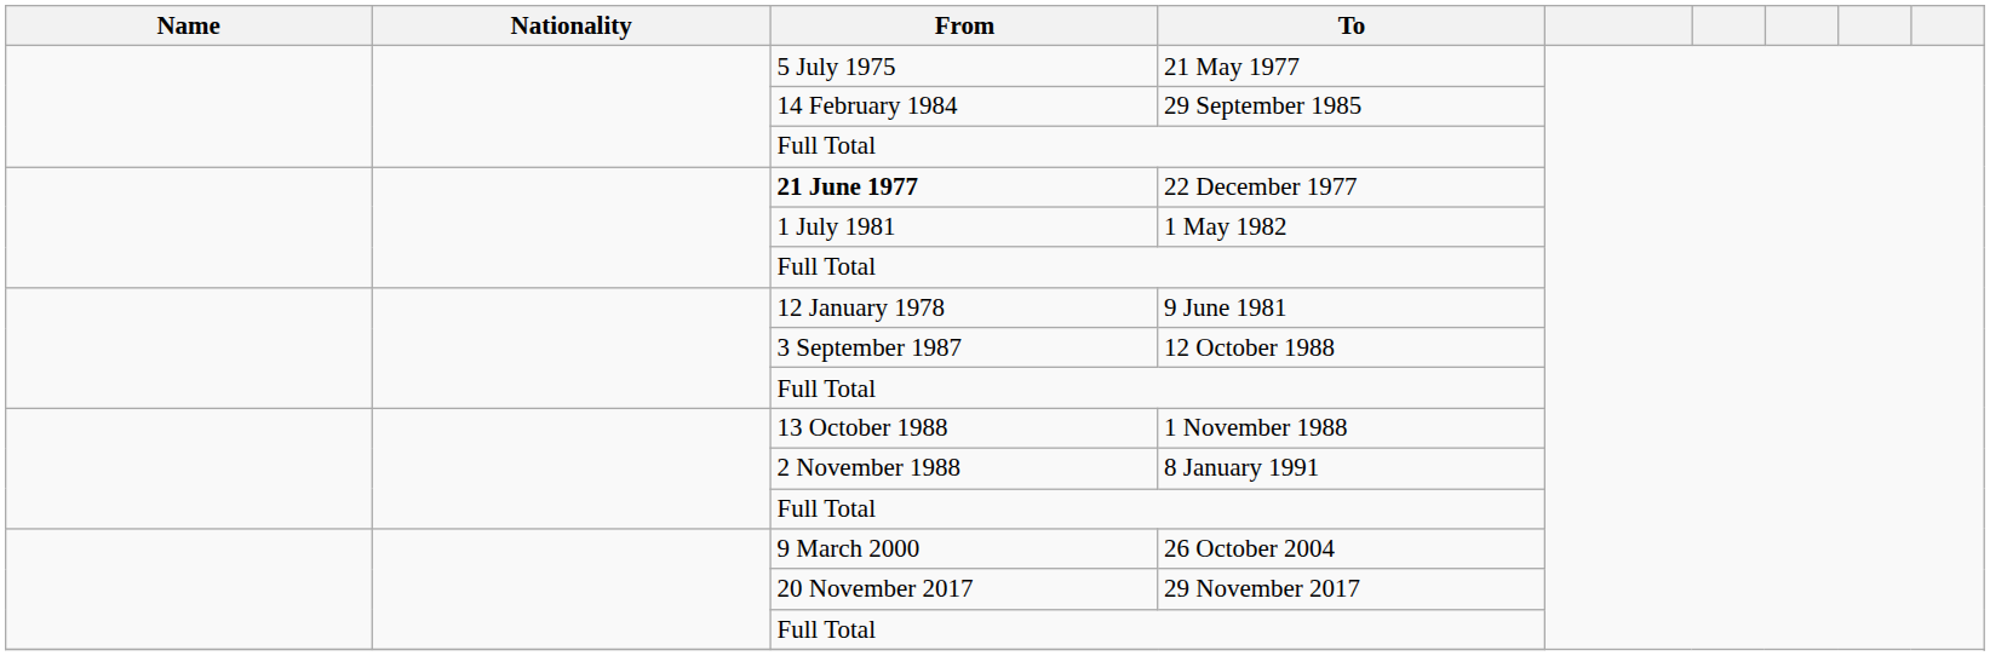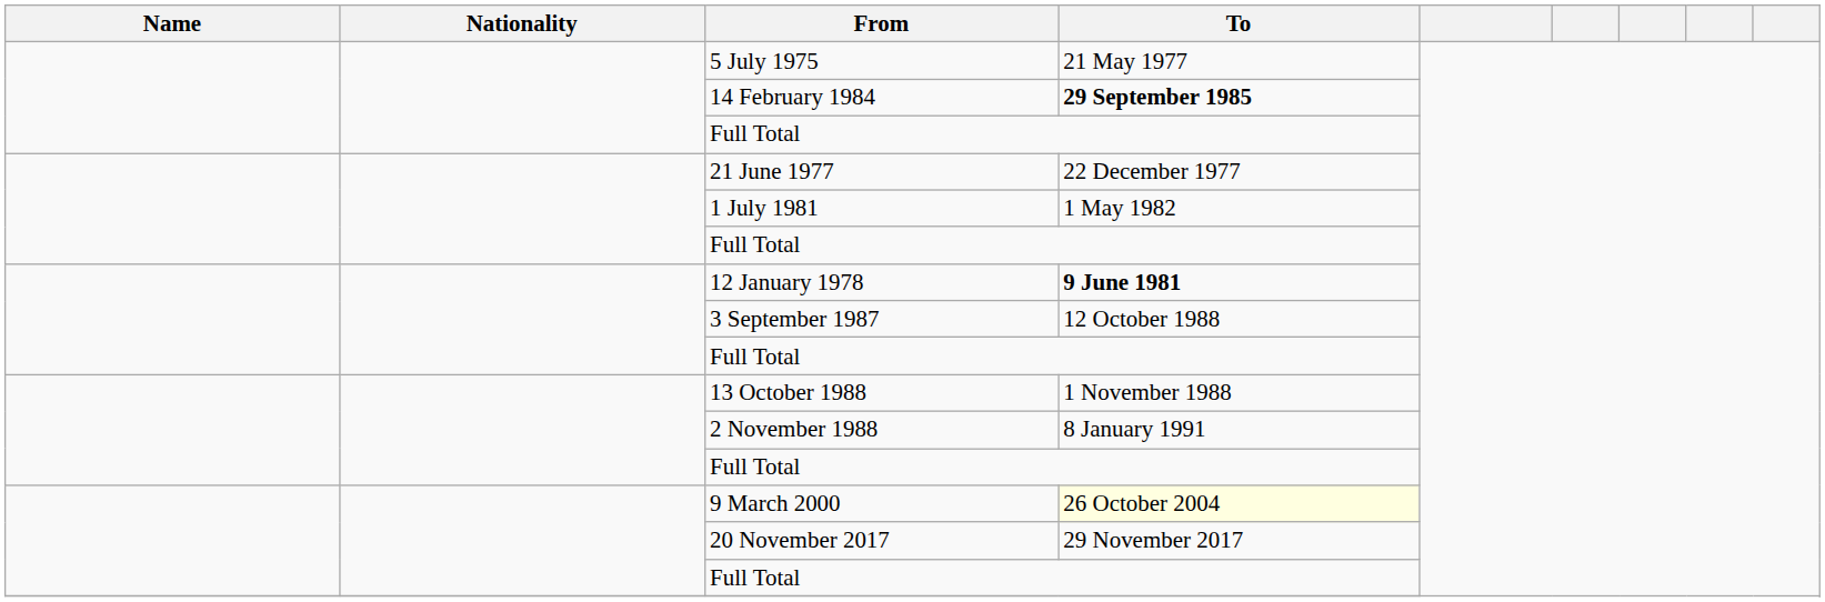 <table class="wikitable sortable" style="text-align: left">
 <tr bgcolor="#efefef">
 <th width="5%">Name</th>
 <th width="5%">Nationality</th>
 <th width="5%" data-sort-type="date">From</th>
 <th width="5%" data-sort-type="date">To</th>
 <th width="2%" data-sort-type="number"></th>
 <th width="1%" data-sort-type="number"></th>
 <th width="1%" data-sort-type="number"></th>
 <th width="1%" data-sort-type="number"></th>
 <th width="1%" data-sort-type="number"></th>
 </tr>
 <tr>
 <td rowspan=3 align=left></td>
 <td rowspan=3></td>
 <td align=left>5 July 1975</td>
 <td align=left>21 May 1977<br></td>
 </tr>
 <tr>
 <td align=left>14 February 1984</td>
-<td align=left>29 September 1985<br></td>
+<td align=left><strong>29 September 1985<br></strong></td>
 </tr>
 <tr>
 <td colspan=2>Full Total<br></td>
 </tr>
 <tr>
 <td rowspan=3 align=left></td>
 <td rowspan=3></td>
-<td align=left><strong>21 June 1977</strong></td>
+<td align=left>21 June 1977</td>
 <td align=left>22 December 1977<br></td>
 </tr>
 <tr>
 <td align=left>1 July 1981</td>
 <td align=left>1 May 1982<br></td>
 </tr>
 <tr>
 <td colspan=2>Full Total<br></td>
 </tr>
 <tr>
 <td rowspan=3 align=left></td>
 <td rowspan=3></td>
 <td align=left>12 January 1978</td>
-<td align=left>9 June 1981<br></td>
+<td align=left><strong>9 June 1981<br></strong></td>
 </tr>
 <tr>
 <td align=left>3 September 1987</td>
 <td align=left>12 October 1988<br></td>
 </tr>
 <tr>
 <td colspan=2>Full Total<br></td>
 </tr>
 <tr>
 <td rowspan=3 align=left></td>
 <td rowspan=3></td>
 <td align=left>13 October 1988</td>
 <td align=left>1 November 1988<br></td>
 </tr>
 <tr>
 <td align=left>2 November 1988</td>
 <td align=left>8 January 1991<br></td>
 </tr>
 <tr>
 <td colspan=2>Full Total<br></td>
 </tr>
 <tr>
 <td rowspan=3 align=left></td>
 <td rowspan=3></td>
 <td align=left>9 March 2000</td>
-<td align=left>26 October 2004<br></td>
+<td align=left style="background: lightyellow;">26 October 2004<br></td>
 </tr>
 <tr>
 <td align=left>20 November 2017</td>
 <td align=left>29 November 2017<br></td>
 </tr>
 <tr>
 <td colspan=2>Full Total<br></td>
 </tr>
 <tr>
 </tr>
 </table>
